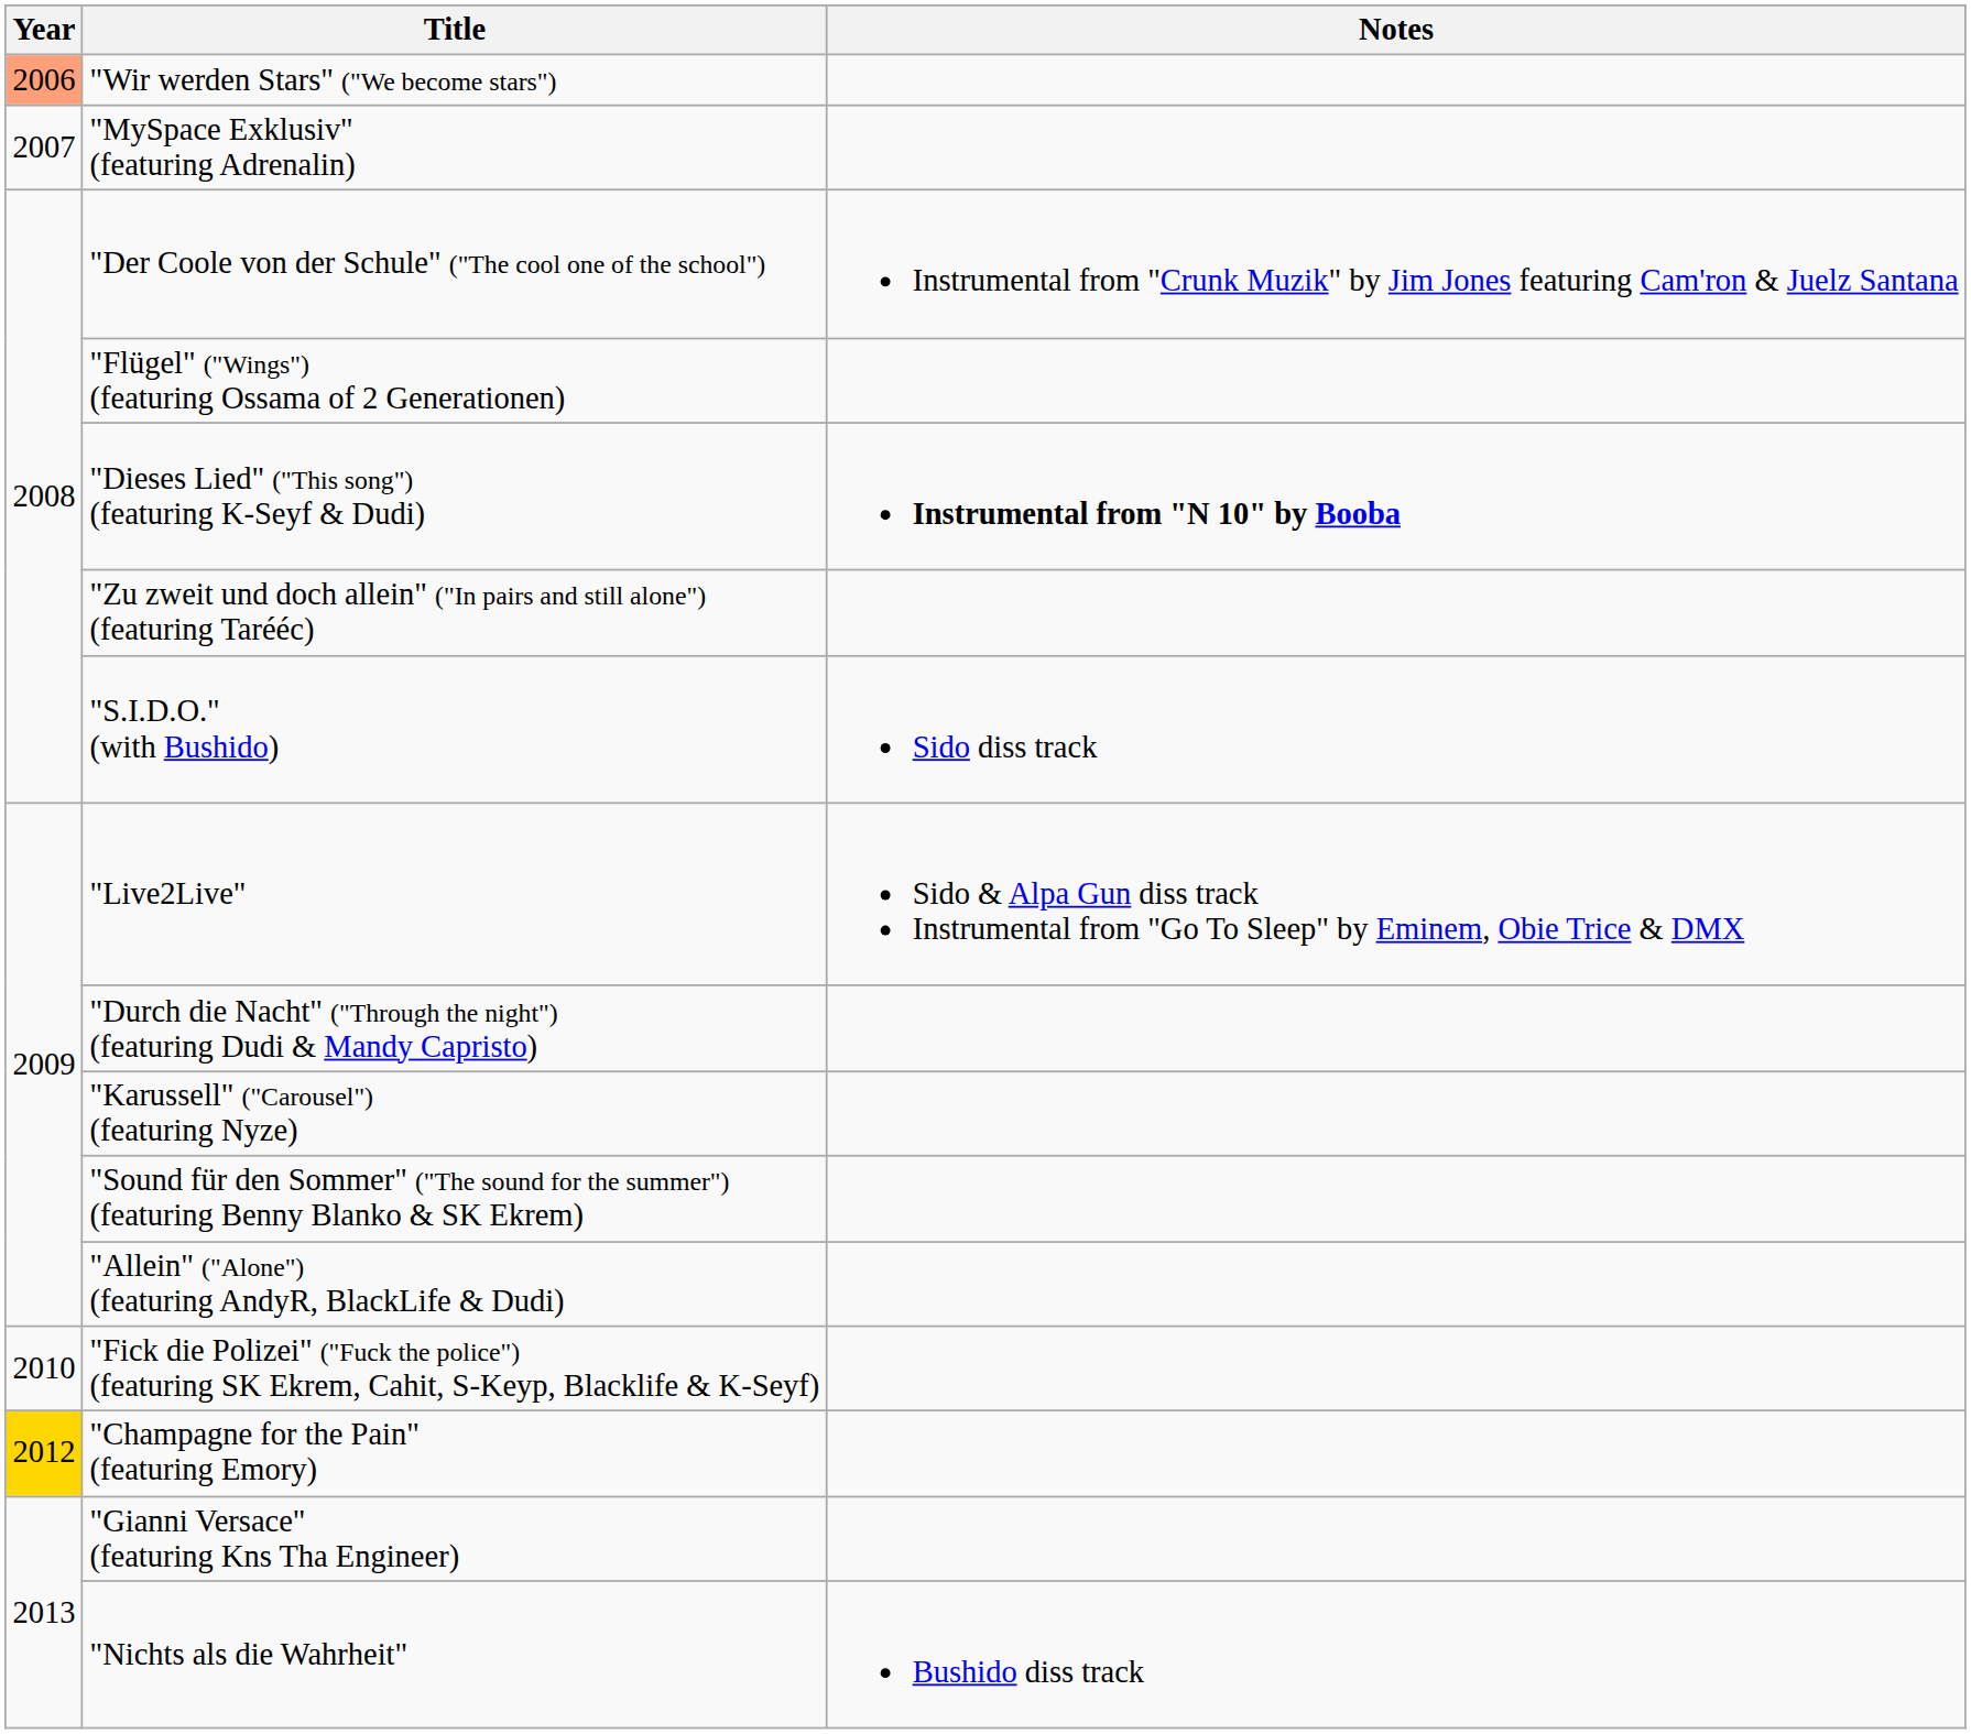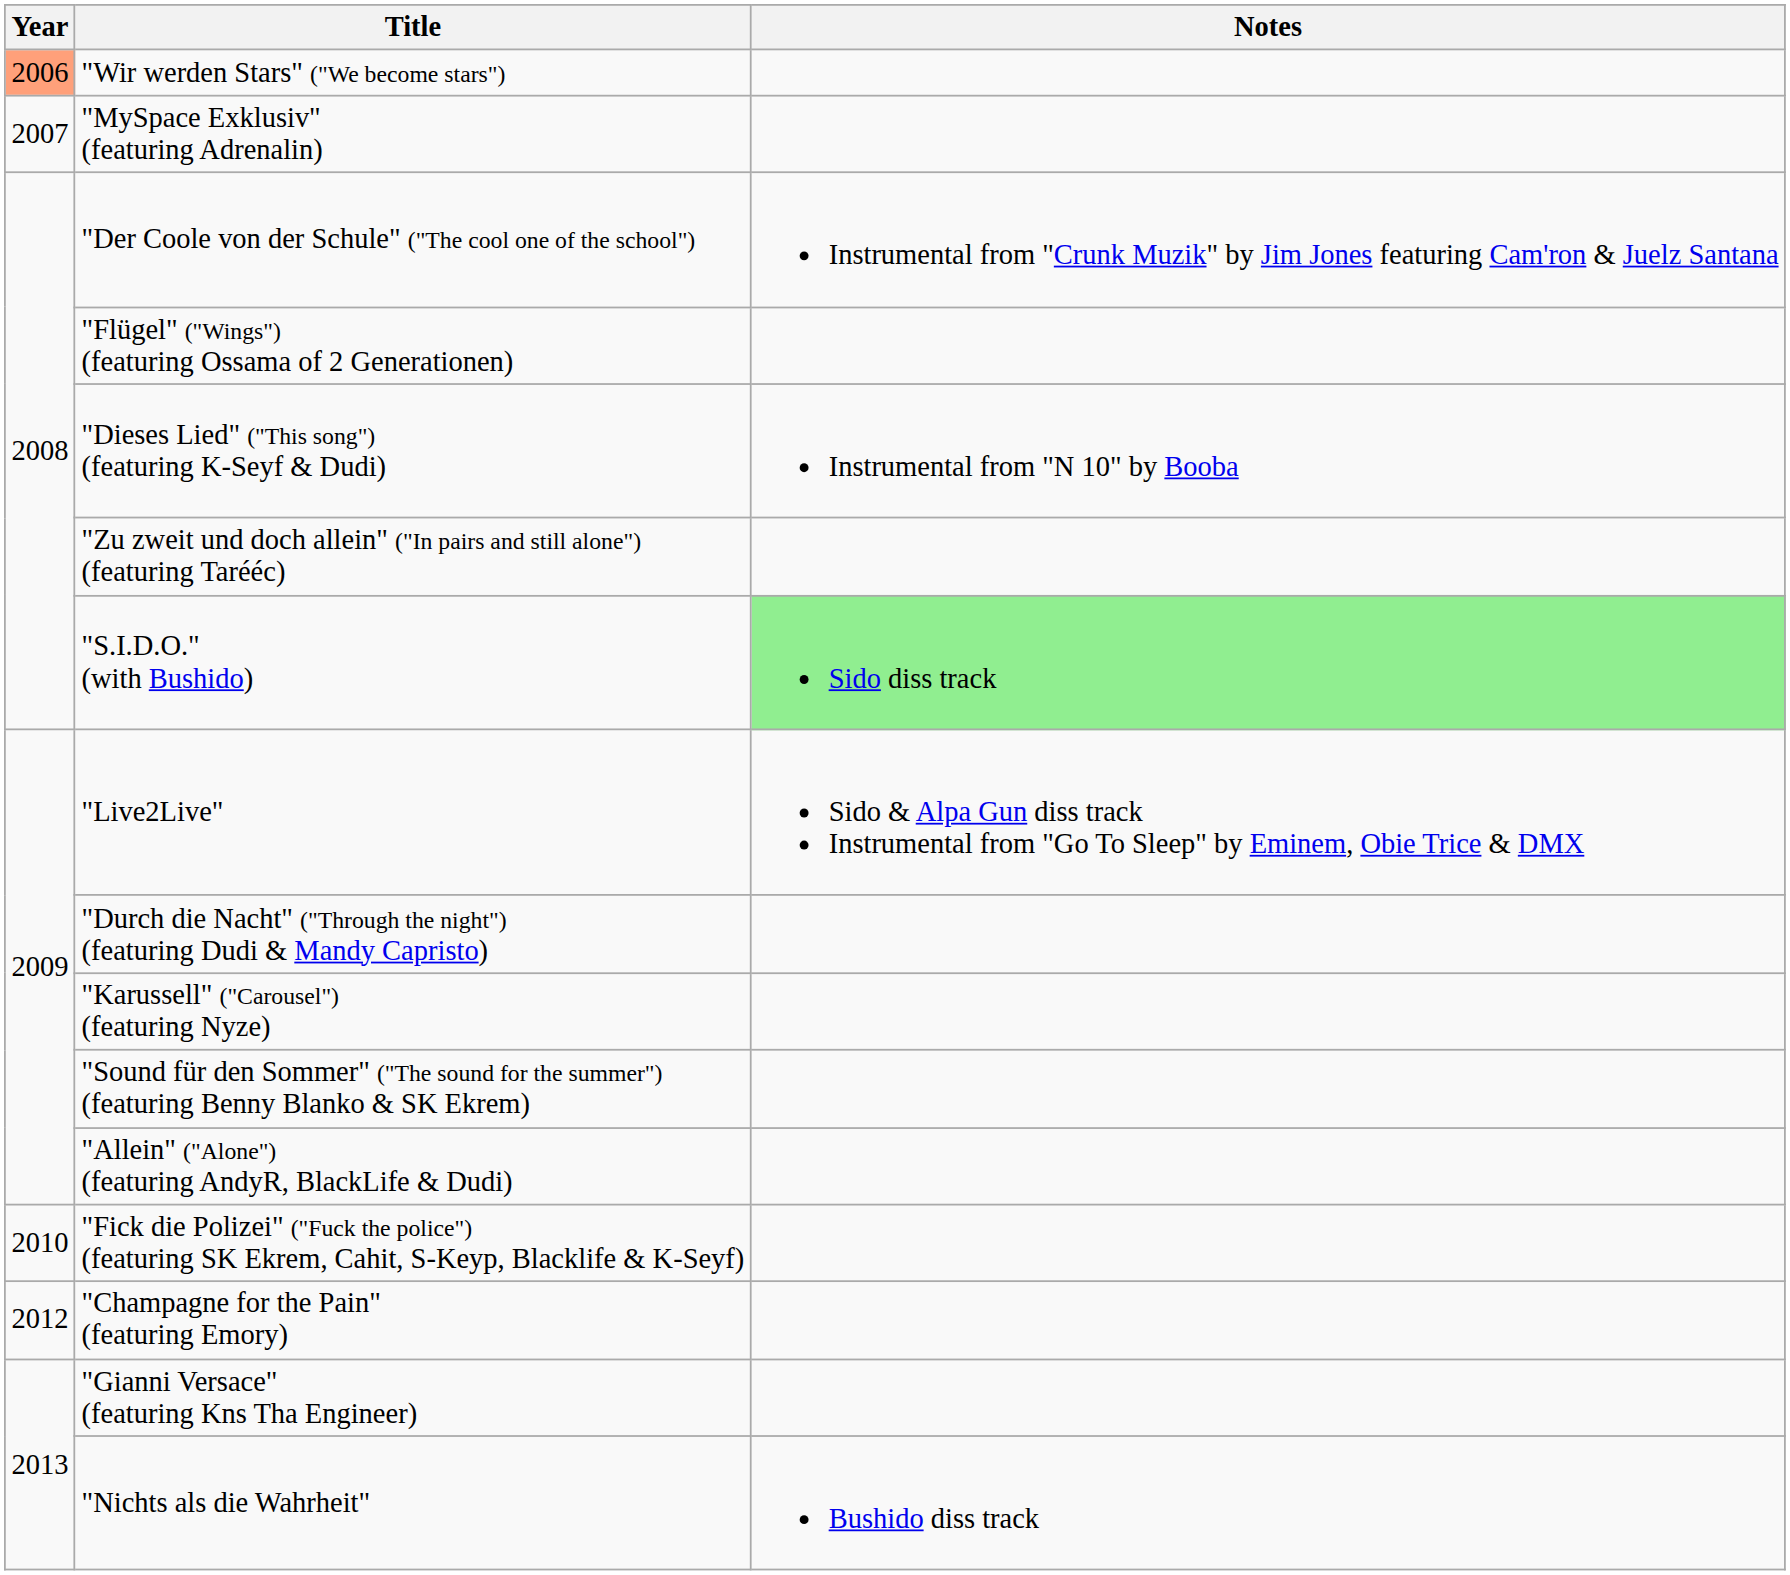 <table class="wikitable">
 <tr>
 <th>Year</th>
 <th>Title</th>
 <th>Notes</th>
 </tr>
 <tr>
 <td style="background: lightsalmon;">2006</td>
 <td>"Wir werden Stars" <small>("We become stars")</small></td>
 <td></td>
 </tr>
 <tr>
 <td>2007</td>
 <td>"MySpace Exklusiv" <br><span>(featuring Adrenalin)</span></td>
 <td></td>
 </tr>
 <tr>
 <td rowspan="5">2008</td>
 <td>"Der Coole von der Schule" <small>("The cool one of the school")</small></td>
 <td><br><ul><li>Instrumental from "<a href='#'>Crunk Muzik</a>" by <a href='#'>Jim Jones</a> featuring <a href='#'>Cam'ron</a> & <a href='#'>Juelz Santana</a></li></ul></td>
 </tr>
 <tr>
 <td>"Flügel" <small>("Wings")</small><br><span>(featuring Ossama of 2 Generationen)</span></td>
 <td></td>
 </tr>
 <tr>
 <td>"Dieses Lied" <small>("This song")</small><br><span>(featuring K-Seyf & Dudi)</span></td>
-<td><strong><br><ul><li>Instrumental from "N 10" by <a href='#'>Booba</a></li></ul></strong></td>
+<td><br><ul><li>Instrumental from "N 10" by <a href='#'>Booba</a></li></ul></td>
 </tr>
 <tr>
 <td>"Zu zweit und doch allein" <small>("In pairs and still alone")</small><br><span>(featuring Tarééc)</span></td>
 <td></td>
 </tr>
 <tr>
 <td>"S.I.D.O."<br><span>(with <a href='#'>Bushido</a>)</span></td>
-<td><br><ul><li><a href='#'>Sido</a> diss track</li></ul></td>
+<td style="background: lightgreen;"><br><ul><li><a href='#'>Sido</a> diss track</li></ul></td>
 </tr>
 <tr>
 <td rowspan="5">2009</td>
 <td>"Live2Live"</td>
 <td><br><ul><li>Sido & <a href='#'>Alpa Gun</a> diss track</li><li>Instrumental from "Go To Sleep" by <a href='#'>Eminem</a>, <a href='#'>Obie Trice</a> & <a href='#'>DMX</a></li></ul></td>
 </tr>
 <tr>
 <td>"Durch die Nacht" <small>("Through the night")</small><br><span>(featuring Dudi & <a href='#'>Mandy Capristo</a>)</span></td>
 <td></td>
 </tr>
 <tr>
 <td>"Karussell" <small>("Carousel")</small><br><span>(featuring Nyze)</span></td>
 <td></td>
 </tr>
 <tr>
 <td>"Sound für den Sommer" <small>("The sound for the summer")</small><br><span>(featuring Benny Blanko & SK Ekrem)</span></td>
 <td></td>
 </tr>
 <tr>
 <td>"Allein" <small>("Alone")</small><br><span>(featuring AndyR, BlackLife & Dudi)</span></td>
 <td></td>
 </tr>
 <tr>
 <td>2010</td>
 <td>"Fick die Polizei" <small>("Fuck the police")</small><br><span>(featuring SK Ekrem, Cahit, S-Keyp, Blacklife & K-Seyf)</span></td>
 <td></td>
 </tr>
 <tr>
-<td style="background: gold;">2012</td>
+<td>2012</td>
 <td>"Champagne for the Pain"<br><span>(featuring Emory)</span></td>
 <td></td>
 </tr>
 <tr>
 <td rowspan="2">2013</td>
 <td>"Gianni Versace"<br><span>(featuring Kns Tha Engineer)</span></td>
 <td></td>
 </tr>
 <tr>
 <td>"Nichts als die Wahrheit"</td>
 <td><br><ul><li><a href='#'>Bushido</a> diss track</li></ul></td>
 </tr>
 </table>
